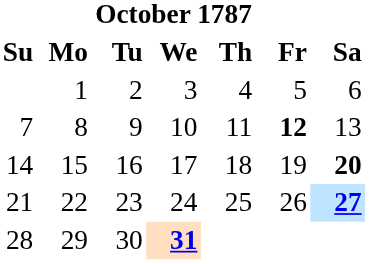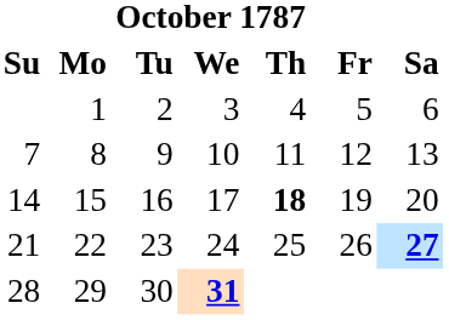 <table class="toccolours" style="text-align:right;float:left;width:14em;margin-right:1em;" cellpadding=2 cellspacing=0>
 <tr class="calendar-purple">
 <td></td>
 <th colspan="5" style="text-align: center;">October 1787</th>
 <td></td>
 </tr>
 <tr class="calendar-purple" style="border: none;">
 <th scope="col" width="14.2857%" title="Sunday">Su</th>
 <th scope="col" width="14.2857%" title="Monday">Mo</th>
 <th scope="col" width="14.2857%" title="Tuesday">Tu</th>
 <th scope="col" width="14.2857%" title="Wednesday">We</th>
 <th scope="col" width="14.2857%" title="Thursday">Th</th>
 <th scope="col" width="14.2857%" title="Friday">Fr</th>
 <th scope="col" width="14.2857%" title="Saturday">Sa</th>
 </tr>
 <tr>
 </tr>
 <tr>
 <td></td>
 <td>1</td>
 <td>2</td>
 <td>3</td>
 <td>4</td>
 <td>5</td>
 <td>6</td>
 </tr>
 <tr>
 <td>7</td>
 <td>8</td>
 <td>9</td>
 <td>10</td>
 <td>11</td>
-<td><strong>12</strong></td>
+<td>12</td>
 <td>13</td>
 </tr>
 <tr>
 <td>14</td>
 <td>15</td>
 <td>16</td>
 <td>17</td>
-<td>18</td>
+<td><strong>18</strong></td>
 <td>19</td>
-<td><strong>20</strong></td>
+<td>20</td>
 </tr>
 <tr>
 <td>21</td>
 <td>22</td>
 <td>23</td>
 <td>24</td>
 <td>25</td>
 <td>26</td>
 <td style="background-color:#BFE4FF"><strong><a href='#'>27</a></strong></td>
 </tr>
 <tr>
 <td>28</td>
 <td>29</td>
 <td>30</td>
 <td style="background-color:#FFDFBF"><strong><a href='#'>31</a></strong></td>
 <td colspan=3> </td>
 </tr>
 <tr>
 <td colspan=7> </td>
 </tr>
 <tr class="calendar-purple">
 </tr>
 <tr class="calendar-purple">
 </tr>
 </table>
